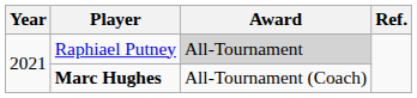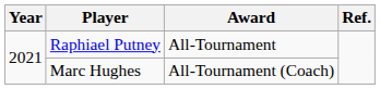 <table class="wikitable">
 <tr>
 <th>Year</th>
 <th>Player</th>
 <th>Award</th>
 <th>Ref.</th>
 </tr>
 <tr>
 <td rowspan=2>2021</td>
 <td><a href='#'>Raphiael Putney</a></td>
-<td style="background: lightgrey;">All-Tournament</td>
+<td>All-Tournament</td>
 <td rowspan=2></td>
 </tr>
 <tr>
-<td><strong>Marc Hughes</strong></td>
+<td>Marc Hughes</td>
 <td>All-Tournament (Coach)</td>
 </tr>
 </table>
